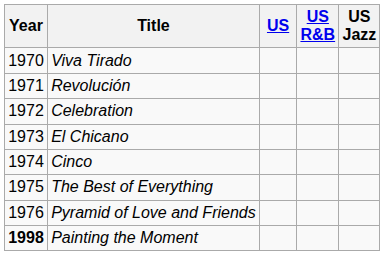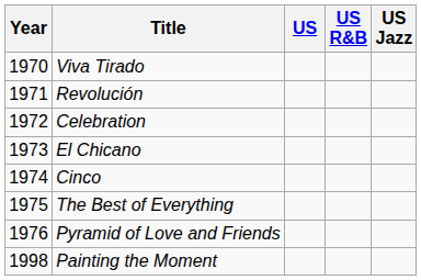 <table class=wikitable>
 <tr>
 <th>Year</th>
 <th>Title</th>
 <th width="30"><a href='#'>US</a></th>
 <th width="30"><a href='#'>US<br>R&B</a></th>
 <th width="30">US Jazz</th>
 </tr>
 <tr>
 <td rowspan="1">1970</td>
 <td><em>Viva Tirado</em></td>
 <td></td>
 <td></td>
 <td></td>
 </tr>
 <tr>
 <td rowspan="1">1971</td>
 <td><em>Revolución</em></td>
 <td></td>
 <td></td>
 <td></td>
 </tr>
 <tr>
 <td rowspan="1">1972</td>
 <td><em>Celebration</em></td>
 <td></td>
 <td></td>
 <td></td>
 </tr>
 <tr>
 <td rowspan="1">1973</td>
 <td><em>El Chicano</em></td>
 <td></td>
 <td></td>
 <td></td>
 </tr>
 <tr>
 <td rowspan="1">1974</td>
 <td><em>Cinco</em></td>
 <td></td>
 <td></td>
 <td></td>
 </tr>
 <tr>
 <td rowspan="1">1975</td>
 <td><em>The Best of Everything</em></td>
 <td></td>
 <td></td>
 <td></td>
 </tr>
 <tr>
 <td rowspan="1">1976</td>
 <td><em>Pyramid of Love and Friends</em></td>
 <td></td>
 <td></td>
 <td></td>
 </tr>
 <tr>
-<td rowspan="1"><strong>1998</strong></td>
+<td rowspan="1">1998</td>
 <td><em>Painting the Moment</em></td>
 <td></td>
 <td></td>
 <td></td>
 </tr>
 <tr>
 </tr>
 </table>
